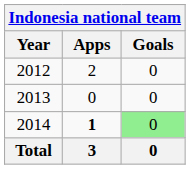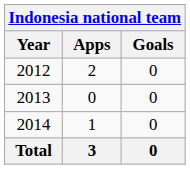 <table class="wikitable" style="text-align:center">
 <tr>
 <th colspan=3><a href='#'>Indonesia national team</a></th>
 </tr>
 <tr>
 <th>Year</th>
 <th>Apps</th>
 <th>Goals</th>
 </tr>
 <tr>
 <td>2012</td>
 <td>2</td>
 <td>0</td>
 </tr>
 <tr>
 <td>2013</td>
 <td>0</td>
 <td>0</td>
 </tr>
 <tr>
 <td>2014</td>
-<td><strong>1</strong></td>
-<td style="background: lightgreen;">0</td>
+<td>1</td>
+<td>0</td>
 </tr>
 <tr>
 <th>Total</th>
 <th>3</th>
 <th>0</th>
 </tr>
 </table>
